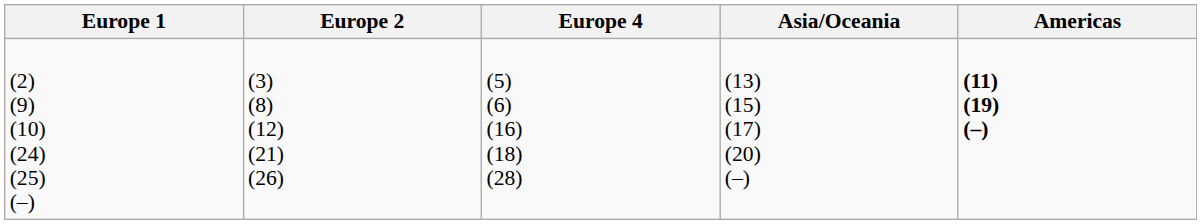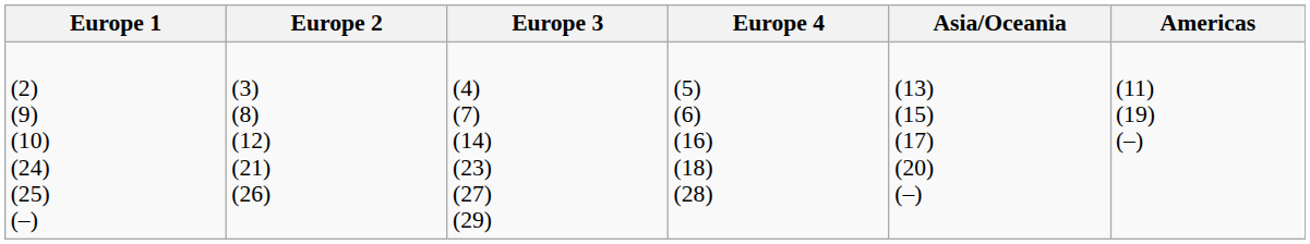 <table class="wikitable" style="width:100%;">
 <tr>
 <th width=17%>Europe 1</th>
 <th width=17%>Europe 2</th>
+<th width=17%>Europe 3</th>
 <th width=17%>Europe 4</th>
 <th width=17%>Asia/Oceania</th>
 <th width=17%>Americas</th>
 </tr>
 <tr>
 <td valign=top><br> (2)<br>  (9)<br>  (10)<br>  (24)<br>  (25)<br>  (–)</td>
 <td valign=top><br> (3)<br>  (8)<br>  (12)<br>  (21)<br>  (26)</td>
+<td valign=top><br> (4)<br>  (7)<br>  (14)<br>  (23)<br>  (27)<br>  (29)</td>
 <td valign=top><br> (5)<br>  (6)<br>  (16)<br>  (18)<br>  (28)</td>
 <td valign=top><br> (13)<br>  (15)<br>  (17)<br>  (20)<br>  (–)</td>
-<td valign=top><strong><br> (11)<br>  (19)<br>  (–)</strong></td>
+<td valign=top><br> (11)<br>  (19)<br>  (–)</td>
 </tr>
 </table>
